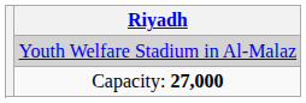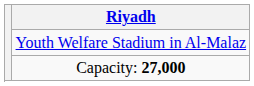 <table class="wikitable" style="text-align:center">
 <tr>
 <th rowspan="4"></th>
 <th><a href='#'>Riyadh</a></th>
 </tr>
 <tr>
-<td style="background: lightgrey;"><a href='#'>Youth Welfare Stadium in Al-Malaz</a></td>
+<td><a href='#'>Youth Welfare Stadium in Al-Malaz</a></td>
 </tr>
 <tr>
 <td>Capacity: <strong>27,000</strong></td>
 </tr>
 <tr>
 </tr>
 </table>
